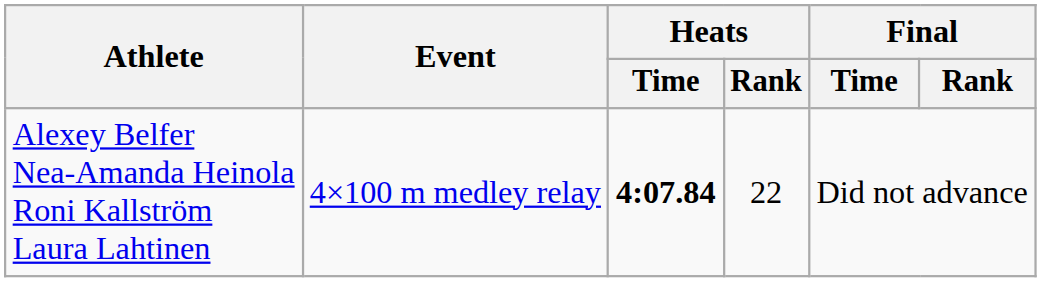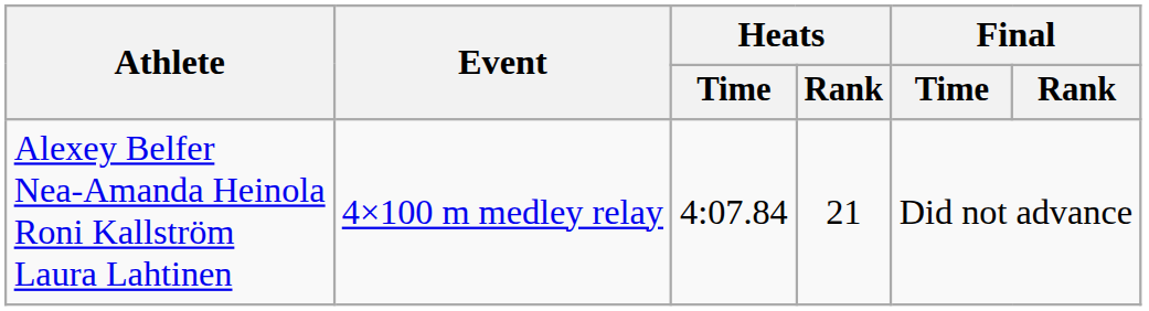 <table class=wikitable style="font-size:90%">
 <tr>
 <th rowspan=2>Athlete</th>
 <th rowspan=2>Event</th>
 <th colspan=2>Heats</th>
 <th colspan=2>Final</th>
 </tr>
 <tr style="font-size:95%">
 <th>Time</th>
 <th>Rank</th>
 <th>Time</th>
 <th>Rank</th>
 </tr>
 <tr align=center>
 <td align=left><a href='#'>Alexey Belfer</a><br><a href='#'>Nea-Amanda Heinola</a><br><a href='#'>Roni Kallström</a><br><a href='#'>Laura Lahtinen</a></td>
 <td align=left><a href='#'>4×100 m medley relay</a></td>
-<td><strong>4:07.84</strong></td>
-<td>22</td>
+<td>4:07.84</td>
+<td>21</td>
 <td colspan=2>Did not advance</td>
 </tr>
 </table>
